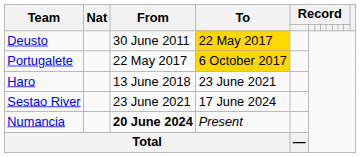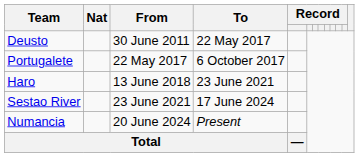 <table class="wikitable" style="text-align: center">
 <tr>
 <th rowspan="2">Team</th>
 <th rowspan="2">Nat</th>
 <th rowspan="2">From</th>
 <th rowspan="2">To</th>
 <th colspan="8">Record</th>
 <th rowspan=2></th>
 </tr>
 <tr>
 <th></th>
 <th></th>
 <th></th>
 <th></th>
 <th></th>
 <th></th>
 <th></th>
 <th></th>
 </tr>
 <tr>
 <td align="left"><a href='#'>Deusto</a></td>
 <td></td>
 <td align=left>30 June 2011</td>
-<td align=left style="background: gold;">22 May 2017<br></td>
+<td align=left>22 May 2017<br></td>
 <td></td>
 </tr>
 <tr>
 <td align="left"><a href='#'>Portugalete</a></td>
 <td></td>
 <td align=left>22 May 2017</td>
-<td align=left style="background: gold;">6 October 2017<br></td>
+<td align=left>6 October 2017<br></td>
 <td></td>
 </tr>
 <tr>
 <td align=left><a href='#'>Haro</a></td>
 <td></td>
 <td align=left>13 June 2018</td>
 <td align=left>23 June 2021<br></td>
 <td></td>
 </tr>
 <tr>
 <td align=left><a href='#'>Sestao River</a></td>
 <td></td>
 <td align=left>23 June 2021</td>
 <td align=left>17 June 2024<br></td>
 <td></td>
 </tr>
 <tr>
 <td align=left><a href='#'>Numancia</a></td>
 <td></td>
-<td align=left><strong>20 June 2024</strong></td>
+<td align=left>20 June 2024</td>
 <td align=left><em>Present</em><br></td>
 <td></td>
 </tr>
 <tr>
 <th colspan=4>Total<br></th>
 <th>—</th>
 </tr>
 </table>
